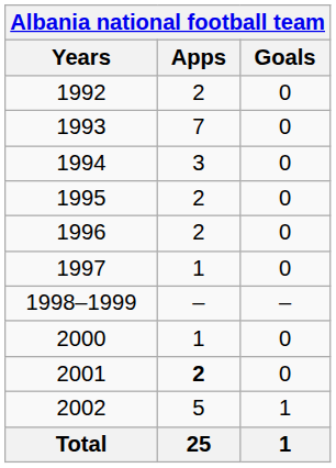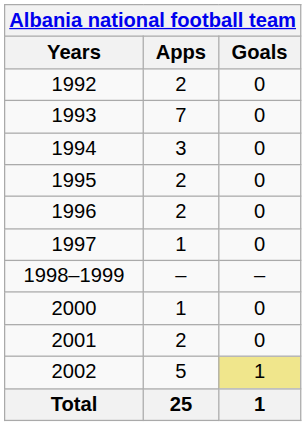 <table class="wikitable" style="text-align:center">
 <tr>
 <th colspan=3><a href='#'>Albania national football team</a></th>
 </tr>
 <tr>
 <th>Years</th>
 <th>Apps</th>
 <th>Goals</th>
 </tr>
 <tr>
 <td>1992</td>
 <td>2</td>
 <td>0</td>
 </tr>
 <tr>
 <td>1993</td>
 <td>7</td>
 <td>0</td>
 </tr>
 <tr>
 <td>1994</td>
 <td>3</td>
 <td>0</td>
 </tr>
 <tr>
 <td>1995</td>
 <td>2</td>
 <td>0</td>
 </tr>
 <tr>
 <td>1996</td>
 <td>2</td>
 <td>0</td>
 </tr>
 <tr>
 <td>1997</td>
 <td>1</td>
 <td>0</td>
 </tr>
 <tr>
 <td>1998–1999</td>
 <td>–</td>
 <td>–</td>
 </tr>
 <tr>
 <td>2000</td>
 <td>1</td>
 <td>0</td>
 </tr>
 <tr>
 <td>2001</td>
-<td><strong>2</strong></td>
+<td>2</td>
 <td>0</td>
 </tr>
 <tr>
 <td>2002</td>
 <td>5</td>
-<td>1</td>
+<td style="background: khaki;">1</td>
 </tr>
 <tr>
 <th>Total</th>
 <th>25</th>
 <th>1</th>
 </tr>
 </table>
